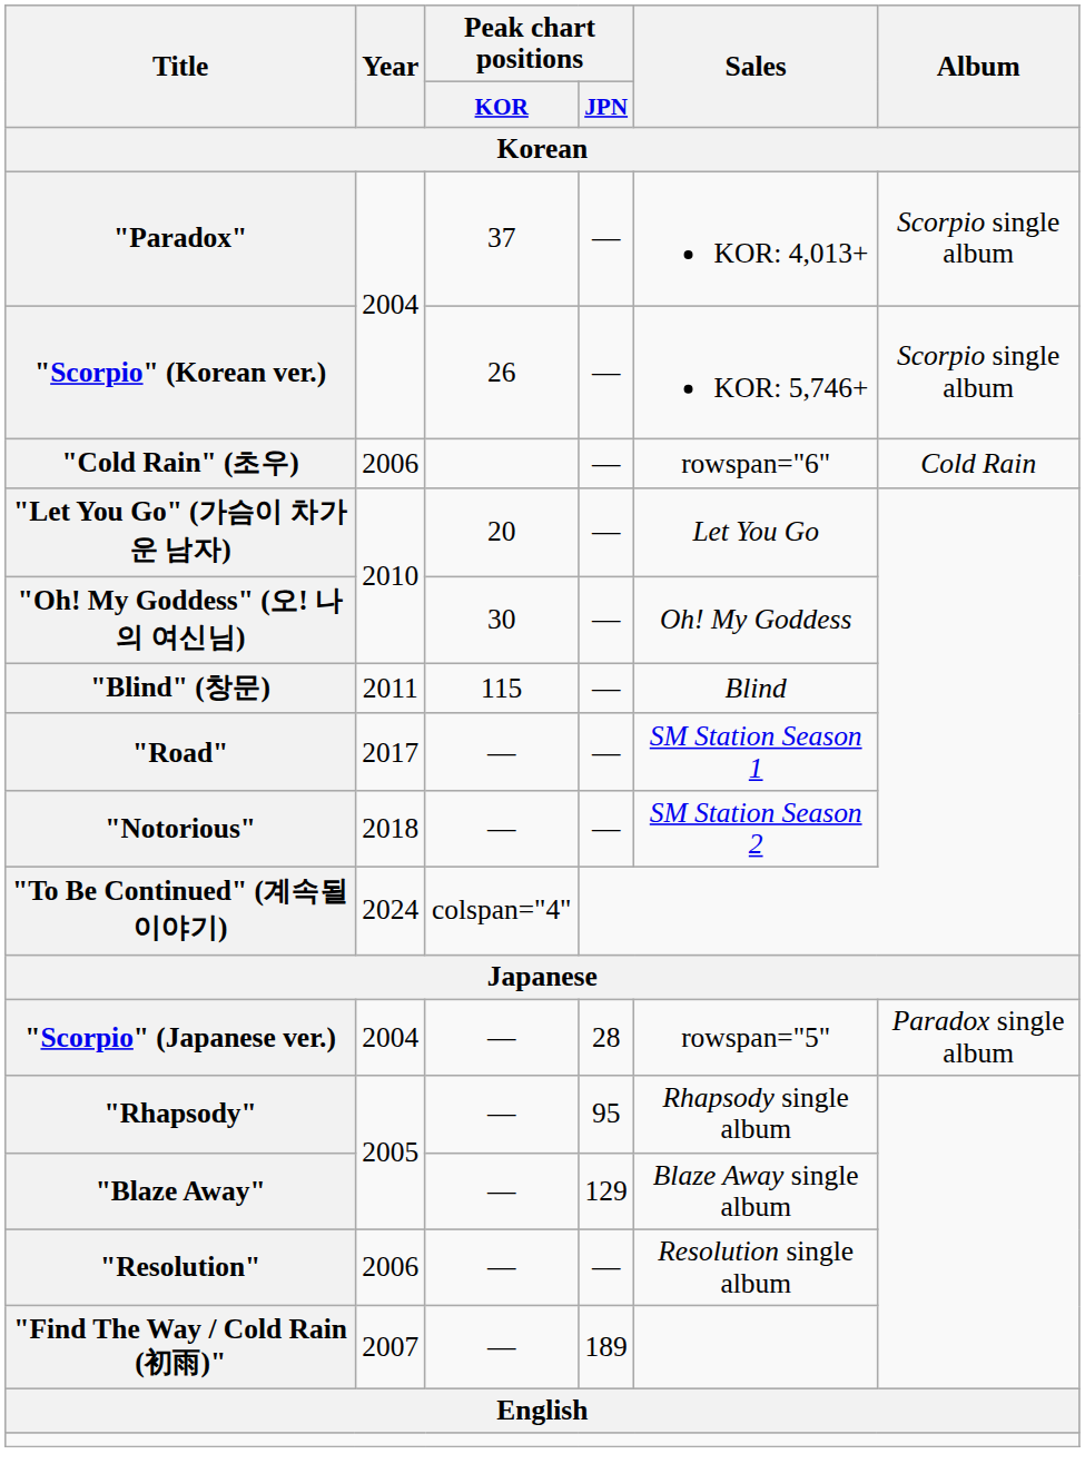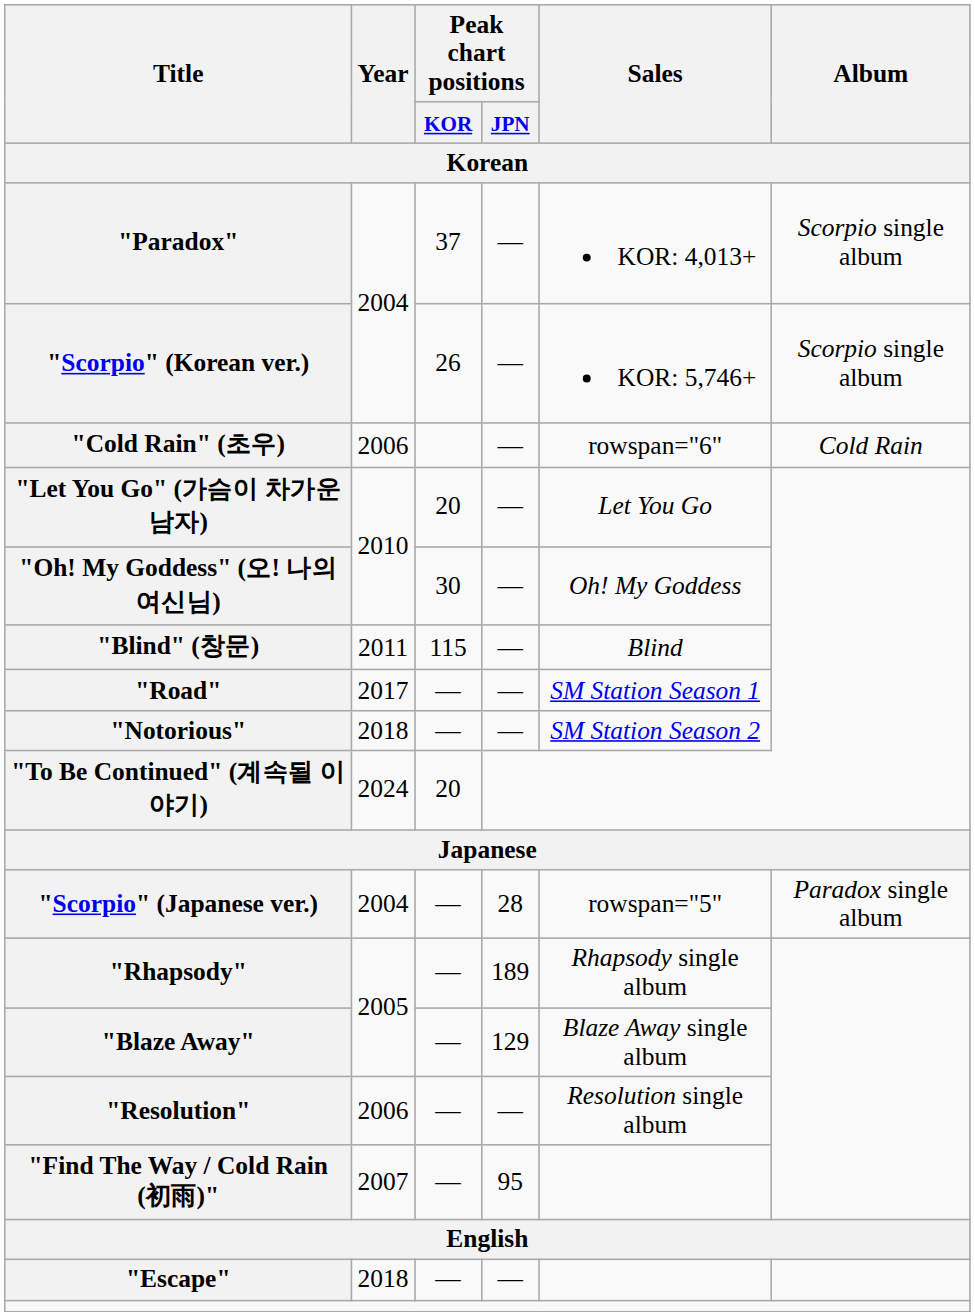 <table class="wikitable plainrowheaders" style="text-align:center;">
 <tr>
 <th scope="col" rowspan="2">Title</th>
 <th scope="col" rowspan="2">Year</th>
 <th scope="col" colspan="2">Peak chart<br>positions</th>
 <th scope="col" rowspan="2">Sales</th>
 <th scope="col" rowspan="2">Album</th>
 </tr>
 <tr>
 <th><small><a href='#'>KOR</a></small><br></th>
 <th><small><a href='#'>JPN</a></small><br></th>
 </tr>
 <tr>
 <th colspan="6">Korean</th>
 </tr>
 <tr>
 <th scope="row">"Paradox"</th>
 <td rowspan=2>2004</td>
 <td>37</td>
 <td>—</td>
 <td><br><ul><li>KOR: 4,013+</li></ul></td>
 <td><em>Scorpio</em> single album</td>
 </tr>
 <tr>
 <th scope="row">"<a href='#'>Scorpio</a>" (Korean ver.)</th>
 <td>26</td>
 <td>—</td>
 <td><br><ul><li>KOR: 5,746+</li></ul></td>
 <td><em>Scorpio</em> single album</td>
 </tr>
 <tr>
 <th scope="row">"Cold Rain" (초우)</th>
 <td>2006</td>
 <td></td>
 <td>—</td>
 <td>rowspan="6" </td>
 <td><em>Cold Rain</em></td>
 </tr>
 <tr>
 <th scope="row">"Let You Go" (가슴이 차가운 남자)</th>
 <td rowspan="2">2010</td>
 <td>20</td>
 <td>—</td>
 <td><em>Let You Go</em></td>
 </tr>
 <tr>
 <th scope="row">"Oh! My Goddess" (오! 나의 여신님)</th>
 <td>30</td>
 <td>—</td>
 <td><em>Oh! My Goddess</em></td>
 </tr>
 <tr>
 <th scope="row">"Blind" (창문)</th>
 <td>2011</td>
 <td>115</td>
 <td>—</td>
 <td><em>Blind</em></td>
 </tr>
 <tr>
 <th scope="row">"Road"</th>
 <td>2017</td>
 <td>—</td>
 <td>—</td>
 <td><em><a href='#'>SM Station Season 1</a></em></td>
 </tr>
 <tr>
 <th scope="row">"Notorious"<br></th>
 <td>2018</td>
 <td>—</td>
 <td>—</td>
 <td><em><a href='#'>SM Station Season 2</a></em></td>
 </tr>
 <tr>
 <th scope="row">"To Be Continued" (계속될 이야기)</th>
 <td>2024</td>
-<td>colspan="4" </td>
+<td>20</td>
 </tr>
 <tr>
 <th colspan="6">Japanese</th>
 </tr>
 <tr>
 <th scope="row">"<a href='#'>Scorpio</a>" (Japanese ver.)</th>
 <td>2004</td>
 <td>—</td>
 <td>28</td>
 <td>rowspan="5" </td>
 <td><em>Paradox</em> single album</td>
 </tr>
 <tr>
 <th scope="row">"Rhapsody"</th>
 <td rowspan="2">2005</td>
 <td>—</td>
-<td>95</td>
+<td>189</td>
 <td><em>Rhapsody</em> single album</td>
 </tr>
 <tr>
 <th scope="row">"Blaze Away"</th>
 <td>—</td>
 <td>129</td>
 <td><em>Blaze Away</em> single album</td>
 </tr>
 <tr>
 <th scope="row">"Resolution"</th>
 <td>2006</td>
 <td>—</td>
 <td>—</td>
 <td><em>Resolution</em> single album</td>
 </tr>
 <tr>
 <th scope="row">"Find The Way / Cold Rain (初雨)"</th>
 <td>2007</td>
 <td>—</td>
-<td>189</td>
+<td>95</td>
 <td></td>
 </tr>
 <tr>
 <th colspan="6">English</th>
+</tr>
+<tr>
+<th scope="row">"Escape"</th>
+<td>2018</td>
+<td>—</td>
+<td>—</td>
+<td></td>
+<td></td>
 </tr>
 <tr>
 <td colspan="6"></td>
 </tr>
 <tr>
 </tr>
 </table>
